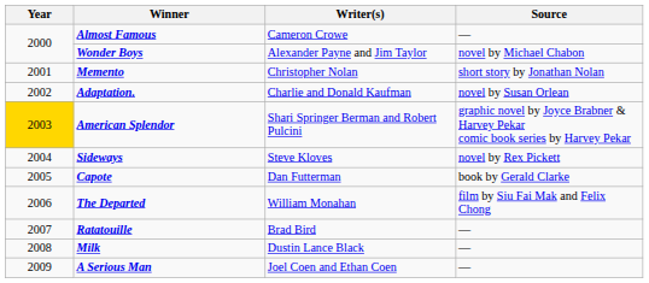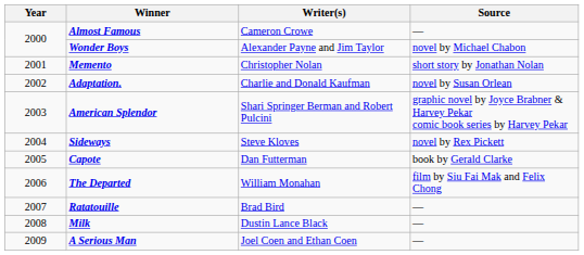 <table class="wikitable" width="95%" cellpadding="5">
 <tr>
 <th width="100"><strong>Year</strong></th>
 <th width="300"><strong>Winner</strong></th>
 <th width="300"><strong>Writer(s)</strong></th>
 <th width="300"><strong>Source</strong></th>
 </tr>
 <tr>
 <td rowspan="2" style="text-align:center;">2000</td>
 <td><strong><em><a href='#'>Almost Famous</a></em></strong></td>
 <td><a href='#'>Cameron Crowe</a></td>
 <td>—</td>
 </tr>
 <tr>
 <td><strong><em><a href='#'>Wonder Boys</a></em></strong></td>
 <td><a href='#'>Alexander Payne</a> and <a href='#'>Jim Taylor</a></td>
 <td><a href='#'>novel</a> by <a href='#'>Michael Chabon</a></td>
 </tr>
 <tr>
 <td style="text-align:center;">2001</td>
 <td><strong><em><a href='#'>Memento</a></em></strong></td>
 <td><a href='#'>Christopher Nolan</a></td>
 <td><a href='#'>short story</a> by <a href='#'>Jonathan Nolan</a></td>
 </tr>
 <tr>
 <td style="text-align:center;">2002</td>
 <td><strong><em><a href='#'>Adaptation.</a></em></strong></td>
 <td><a href='#'>Charlie and Donald Kaufman</a></td>
 <td><a href='#'>novel</a> by <a href='#'>Susan Orlean</a></td>
 </tr>
 <tr>
-<td style="background: gold; text-align:center;">2003</td>
+<td style="text-align:center;">2003</td>
 <td><strong><em><a href='#'>American Splendor</a></em></strong></td>
 <td><a href='#'>Shari Springer Berman and Robert Pulcini</a></td>
 <td><a href='#'>graphic novel</a> by <a href='#'>Joyce Brabner</a> & <a href='#'>Harvey Pekar</a><br><a href='#'>comic book series</a> by <a href='#'>Harvey Pekar</a></td>
 </tr>
 <tr>
 <td style="text-align:center;">2004</td>
 <td><strong><em><a href='#'>Sideways</a></em></strong></td>
 <td><a href='#'>Steve Kloves</a></td>
 <td><a href='#'>novel</a> by <a href='#'>Rex Pickett</a></td>
 </tr>
 <tr>
 <td style="text-align:center;">2005</td>
 <td><strong><em><a href='#'>Capote</a></em></strong></td>
 <td><a href='#'>Dan Futterman</a></td>
 <td>book by <a href='#'>Gerald Clarke</a></td>
 </tr>
 <tr>
 <td style="text-align:center;">2006</td>
 <td><strong><em><a href='#'>The Departed</a></em></strong></td>
 <td><a href='#'>William Monahan</a></td>
 <td><a href='#'>film</a> by <a href='#'>Siu Fai Mak</a> and <a href='#'>Felix Chong</a></td>
 </tr>
 <tr>
 <td style="text-align:center;">2007</td>
 <td><strong><em><a href='#'>Ratatouille</a></em></strong></td>
 <td><a href='#'>Brad Bird</a></td>
 <td>—</td>
 </tr>
 <tr>
 <td style="text-align:center;">2008</td>
 <td><strong><em><a href='#'>Milk</a></em></strong></td>
 <td><a href='#'>Dustin Lance Black</a></td>
 <td>—</td>
 </tr>
 <tr>
 <td style="text-align:center;">2009</td>
 <td><strong><em><a href='#'>A Serious Man</a></em></strong></td>
 <td><a href='#'>Joel Coen and Ethan Coen</a></td>
 <td>—</td>
 </tr>
 </table>
